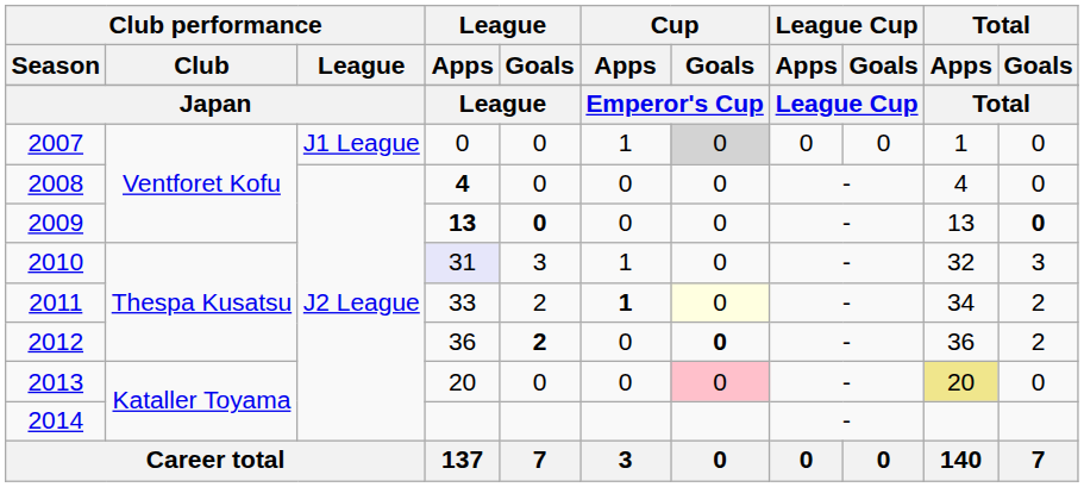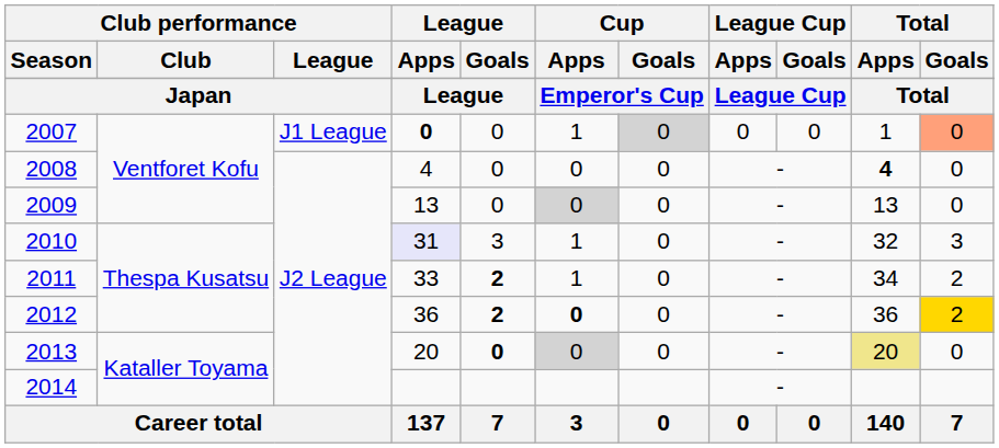 <table class="wikitable" style="text-align:center">
 <tr>
 <th colspan=3>Club performance</th>
 <th colspan=2>League</th>
 <th colspan=2>Cup</th>
 <th colspan=2>League Cup</th>
 <th colspan=2>Total</th>
 </tr>
 <tr>
 <th>Season</th>
 <th>Club</th>
 <th>League</th>
 <th>Apps</th>
 <th>Goals</th>
 <th>Apps</th>
 <th>Goals</th>
 <th>Apps</th>
 <th>Goals</th>
 <th>Apps</th>
 <th>Goals</th>
 </tr>
 <tr>
 </tr>
 <tr>
 <th colspan=3>Japan</th>
 <th colspan=2>League</th>
 <th colspan=2><a href='#'>Emperor's Cup</a></th>
 <th colspan=2><a href='#'>League Cup</a></th>
 <th colspan=2>Total</th>
 </tr>
 <tr>
 <td><a href='#'>2007</a></td>
 <td rowspan="3"><a href='#'>Ventforet Kofu</a></td>
 <td><a href='#'>J1 League</a></td>
-<td>0</td>
+<td><strong>0</strong></td>
 <td>0</td>
 <td>1</td>
 <td style="background: lightgrey;">0</td>
 <td>0</td>
 <td>0</td>
 <td>1</td>
-<td>0</td>
+<td style="background: lightsalmon;">0</td>
 </tr>
 <tr>
 <td><a href='#'>2008</a></td>
 <td rowspan="7"><a href='#'>J2 League</a></td>
-<td><strong>4</strong></td>
+<td>4</td>
 <td>0</td>
 <td>0</td>
 <td>0</td>
 <td colspan="2">-</td>
-<td>4</td>
+<td><strong>4</strong></td>
 <td>0</td>
 </tr>
 <tr>
 <td><a href='#'>2009</a></td>
-<td><strong>13</strong></td>
-<td><strong>0</strong></td>
+<td>13</td>
 <td>0</td>
+<td style="background: lightgrey;">0</td>
 <td>0</td>
 <td colspan="2">-</td>
 <td>13</td>
-<td><strong>0</strong></td>
+<td>0</td>
 </tr>
 <tr>
 <td><a href='#'>2010</a></td>
 <td rowspan="3"><a href='#'>Thespa Kusatsu</a></td>
 <td style="background: lavender;">31</td>
 <td>3</td>
 <td>1</td>
 <td>0</td>
 <td colspan="2">-</td>
 <td>32</td>
 <td>3</td>
 </tr>
 <tr>
 <td><a href='#'>2011</a></td>
 <td>33</td>
-<td>2</td>
-<td><strong>1</strong></td>
-<td style="background: lightyellow;">0</td>
+<td><strong>2</strong></td>
+<td>1</td>
+<td>0</td>
 <td colspan="2">-</td>
 <td>34</td>
 <td>2</td>
 </tr>
 <tr>
 <td><a href='#'>2012</a></td>
 <td>36</td>
 <td><strong>2</strong></td>
+<td><strong>0</strong></td>
 <td>0</td>
-<td><strong>0</strong></td>
 <td colspan="2">-</td>
 <td>36</td>
-<td>2</td>
+<td style="background: gold;">2</td>
 </tr>
 <tr>
 <td><a href='#'>2013</a></td>
 <td rowspan="2"><a href='#'>Kataller Toyama</a></td>
 <td>20</td>
+<td><strong>0</strong></td>
+<td style="background: lightgrey;">0</td>
 <td>0</td>
-<td>0</td>
-<td style="background: pink;">0</td>
 <td colspan="2">-</td>
 <td style="background: khaki;">20</td>
 <td>0</td>
 </tr>
 <tr>
 <td><a href='#'>2014</a></td>
 <td></td>
 <td></td>
 <td></td>
 <td></td>
 <td colspan="2">-</td>
 <td></td>
 <td></td>
 </tr>
 <tr>
 <th colspan=3>Career total</th>
 <th>137</th>
 <th>7</th>
 <th>3</th>
 <th>0</th>
 <th>0</th>
 <th>0</th>
 <th>140</th>
 <th>7</th>
 </tr>
 </table>
